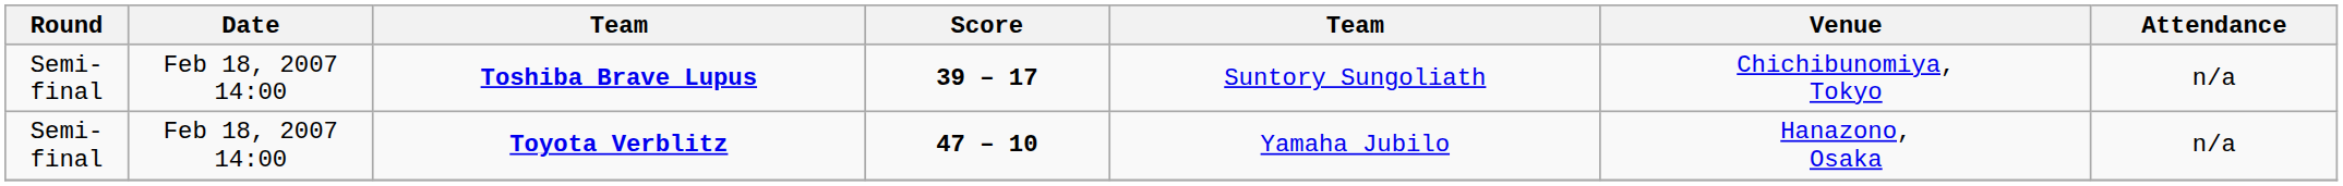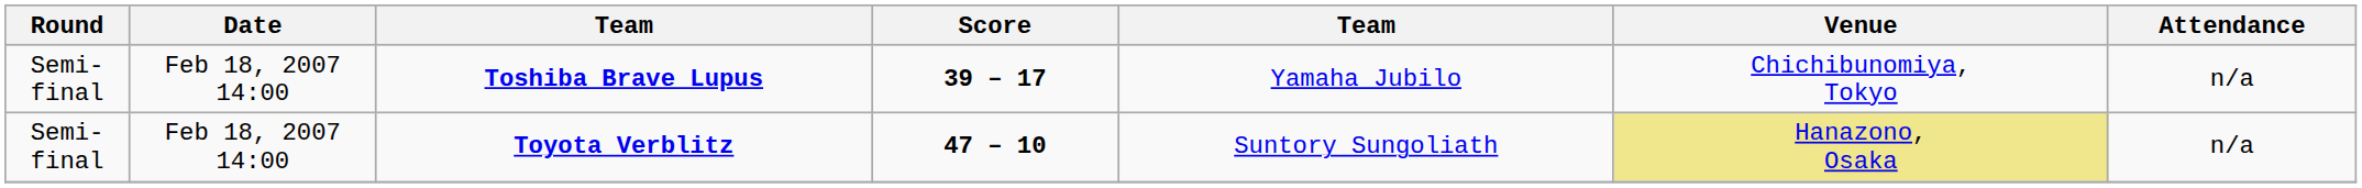 <table class="wikitable" style="text-align: center;">
 <tr>
 <th width=5%>Round</th>
 <th width=10%>Date</th>
 <th width=20%>Team</th>
 <th width=10%>Score</th>
 <th width=20%>Team</th>
 <th width=20%>Venue</th>
 <th width=10%>Attendance</th>
 </tr>
 <tr>
 <td>Semi-final</td>
 <td>Feb 18, 2007 14:00<br></td>
 <td><strong><a href='#'>Toshiba Brave Lupus</a></strong></td>
 <td><strong>39 – 17</strong><br></td>
-<td><a href='#'>Suntory Sungoliath</a></td>
+<td><a href='#'>Yamaha Jubilo</a></td>
 <td><a href='#'>Chichibunomiya</a>,<br><a href='#'>Tokyo</a></td>
 <td>n/a</td>
 </tr>
 <tr>
 <td>Semi-final</td>
 <td>Feb 18, 2007 14:00<br></td>
 <td><strong><a href='#'>Toyota Verblitz</a></strong></td>
 <td><strong>47 – 10</strong><br></td>
-<td><a href='#'>Yamaha Jubilo</a></td>
-<td><a href='#'>Hanazono</a>,<br><a href='#'>Osaka</a></td>
+<td><a href='#'>Suntory Sungoliath</a></td>
+<td style="background: khaki;"><a href='#'>Hanazono</a>,<br><a href='#'>Osaka</a></td>
 <td>n/a</td>
 </tr>
 <tr>
 </tr>
 </table>
